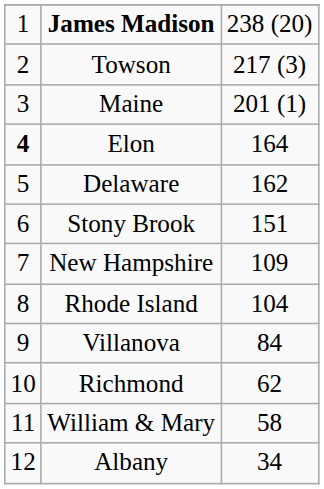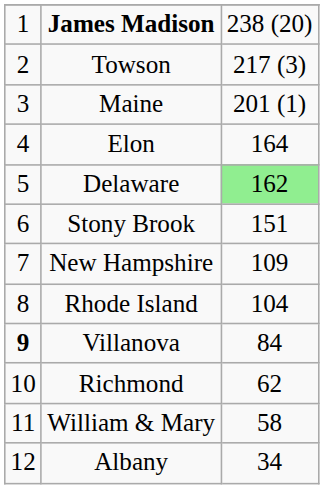 <table class="wikitable">
 <tr align="center">
 </tr>
 <tr align="center">
 <td>1</td>
 <td><strong>James Madison</strong></td>
 <td>238 (20)</td>
 </tr>
 <tr align="center">
 <td>2</td>
 <td>Towson</td>
 <td>217 (3)</td>
 </tr>
 <tr align="center">
 <td>3</td>
 <td>Maine</td>
 <td>201 (1)</td>
 </tr>
 <tr align="center">
-<td><strong>4</strong></td>
+<td>4</td>
 <td>Elon</td>
 <td>164</td>
 </tr>
 <tr align="center">
 <td>5</td>
 <td>Delaware</td>
-<td>162</td>
+<td style="background: lightgreen;">162</td>
 </tr>
 <tr align="center">
 <td>6</td>
 <td>Stony Brook</td>
 <td>151</td>
 </tr>
 <tr align="center">
 <td>7</td>
 <td>New Hampshire</td>
 <td>109</td>
 </tr>
 <tr align="center">
 <td>8</td>
 <td>Rhode Island</td>
 <td>104</td>
 </tr>
 <tr align="center">
-<td>9</td>
+<td><strong>9</strong></td>
 <td>Villanova</td>
 <td>84</td>
 </tr>
 <tr align="center">
 <td>10</td>
 <td>Richmond</td>
 <td>62</td>
 </tr>
 <tr align="center">
 <td>11</td>
 <td>William & Mary</td>
 <td>58</td>
 </tr>
 <tr align="center">
 <td>12</td>
 <td>Albany</td>
 <td>34</td>
 </tr>
 </table>
